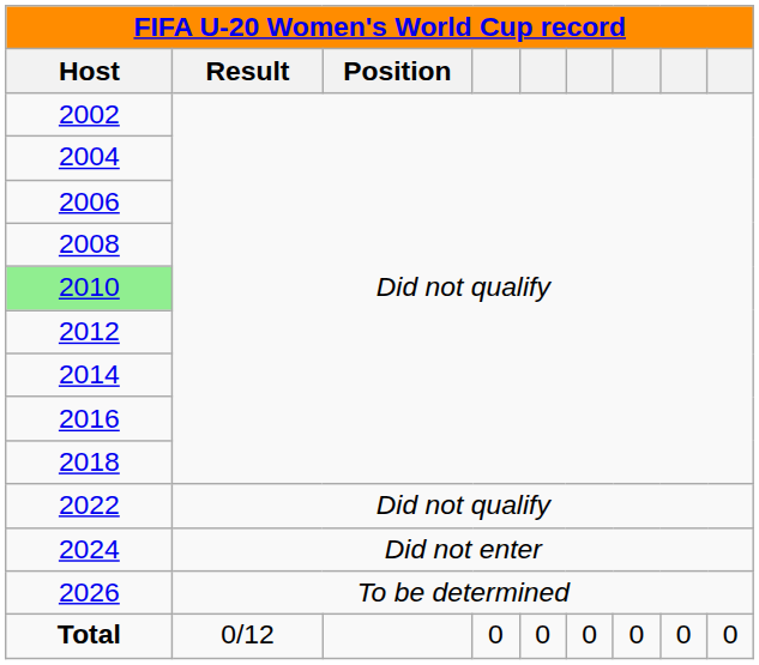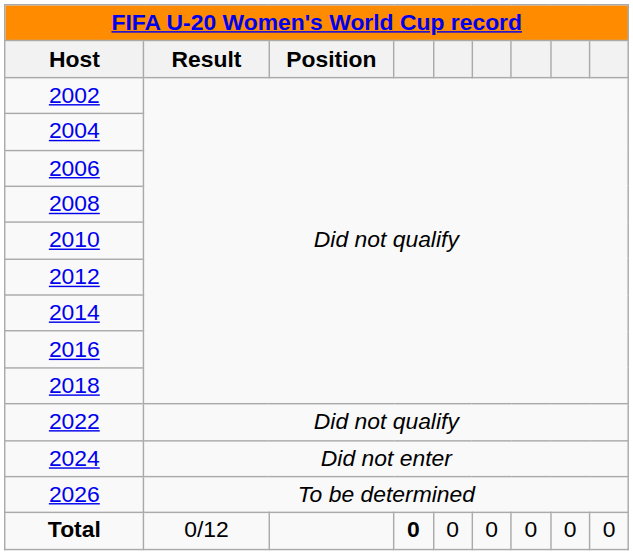 <table class="wikitable collapsible" style="text-align: center;">
 <tr>
 <th colspan=9 style="background: #FF8C00; color: #0000FF;"><a href='#'>FIFA U-20 Women's World Cup record</a></th>
 </tr>
 <tr>
 <th width="90">Host</th>
 <th width="80">Result</th>
 <th width="80">Position</th>
 <th width="20"></th>
 <th width="20"></th>
 <th width="20"></th>
 <th width="20"></th>
 <th width="20"></th>
 <th width="20"></th>
 </tr>
 <tr>
 <td> <a href='#'>2002</a></td>
 <td rowspan=9 colspan=9><em>Did not qualify</em></td>
 </tr>
 <tr>
 <td> <a href='#'>2004</a></td>
 </tr>
 <tr>
 <td> <a href='#'>2006</a></td>
 </tr>
 <tr>
 <td> <a href='#'>2008</a></td>
 </tr>
 <tr>
-<td style="background: lightgreen;"> <a href='#'>2010</a></td>
+<td> <a href='#'>2010</a></td>
 </tr>
 <tr>
 <td> <a href='#'>2012</a></td>
 </tr>
 <tr>
 <td> <a href='#'>2014</a></td>
 </tr>
 <tr>
 <td> <a href='#'>2016</a></td>
 </tr>
 <tr>
 <td> <a href='#'>2018</a></td>
 </tr>
 <tr>
 <td> <a href='#'>2022</a></td>
 <td colspan=10><em>Did not qualify</em></td>
 </tr>
 <tr>
 <td> <a href='#'>2024</a></td>
 <td colspan=10><em>Did not enter</em></td>
 </tr>
 <tr>
 <td> <a href='#'>2026</a></td>
 <td colspan=10><em>To be determined</em></td>
 </tr>
 <tr>
 <td><strong>Total</strong></td>
 <td>0/12</td>
 <td></td>
-<td>0</td>
+<td><strong>0</strong></td>
 <td>0</td>
 <td>0</td>
 <td>0</td>
 <td>0</td>
 <td>0</td>
 </tr>
 </table>
